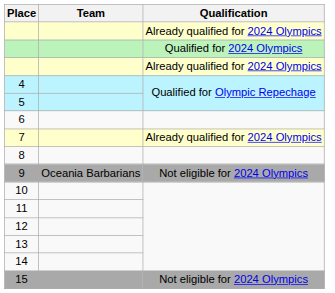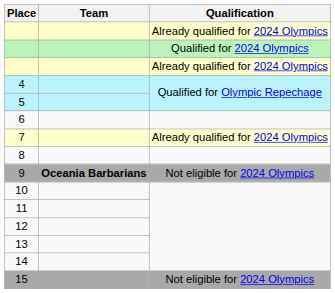 <table class="wikitable" style="text-align:center; padding-bottom:0;">
 <tr>
 <th>Place</th>
 <th>Team</th>
 <th>Qualification</th>
 </tr>
 <tr bgcolor="#ffffcc">
 <td></td>
 <td align="left"></td>
 <td>Already qualified for <a href='#'>2024 Olympics</a></td>
 </tr>
 <tr bgcolor="#bbf3bb">
 <td></td>
 <td align="left"></td>
 <td>Qualified for <a href='#'>2024 Olympics</a></td>
 </tr>
 <tr bgcolor="#ffffcc">
 <td></td>
 <td align="left"></td>
 <td>Already qualified for <a href='#'>2024 Olympics</a></td>
 </tr>
 <tr bgcolor="#bbf3ff">
 <td>4</td>
 <td align=left></td>
 <td rowspan="2">Qualified for <a href='#'>Olympic Repechage</a></td>
 </tr>
 <tr bgcolor="#bbf3ff">
 <td>5</td>
 <td align=left></td>
 </tr>
 <tr>
 <td>6</td>
 <td align=left></td>
 <td></td>
 </tr>
 <tr bgcolor="#ffffcc">
 <td>7</td>
 <td align=left></td>
 <td>Already qualified for <a href='#'>2024 Olympics</a></td>
 </tr>
 <tr>
 <td>8</td>
 <td align=left></td>
 <td></td>
 </tr>
 <tr bgcolor=darkgrey>
 <td>9</td>
-<td align=left>Oceania Barbarians</td>
+<td align=left><strong>Oceania Barbarians</strong></td>
 <td>Not eligible for <a href='#'>2024 Olympics</a></td>
 </tr>
 <tr>
 <td>10</td>
 <td align=left></td>
 <td rowspan="5"></td>
 </tr>
 <tr>
 <td>11</td>
 <td align=left></td>
 </tr>
 <tr>
 <td>12</td>
 <td align=left></td>
 </tr>
 <tr>
 <td>13</td>
 <td align=left></td>
 </tr>
 <tr>
 <td>14</td>
 <td align=left></td>
 </tr>
 <tr bgcolor=darkgrey>
 <td>15</td>
 <td align=left></td>
 <td>Not eligible for <a href='#'>2024 Olympics</a></td>
 </tr>
 </table>
